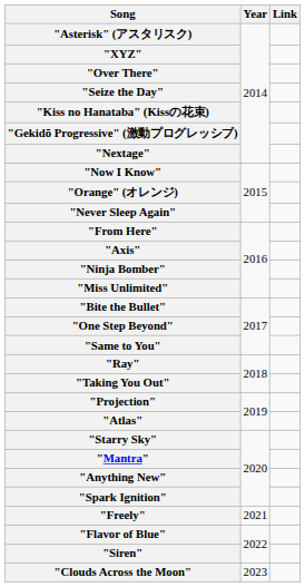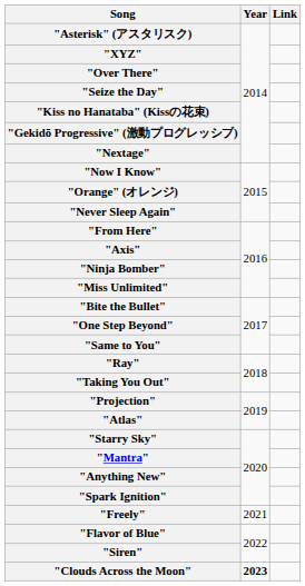 <table class="wikitable plainrowheaders">
 <tr>
 <th scope="col">Song</th>
 <th scope="col">Year</th>
 <th scope="col">Link</th>
 </tr>
 <tr>
 <th scope="row">"Asterisk" (アスタリスク)</th>
 <td rowspan="7">2014</td>
 <td></td>
 </tr>
 <tr>
 <th scope="row">"XYZ"</th>
 <td></td>
 </tr>
 <tr>
 <th scope="row">"Over There"</th>
 <td></td>
 </tr>
 <tr>
 <th scope="row">"Seize the Day"</th>
 <td></td>
 </tr>
 <tr>
 <th scope="row">"Kiss no Hanataba" (Kissの花束)</th>
 <td></td>
 </tr>
 <tr>
 <th scope="row">"Gekidō Progressive" (激動プログレッシブ)</th>
 <td></td>
 </tr>
 <tr>
 <th scope="row">"Nextage"</th>
 <td></td>
 </tr>
 <tr>
 <th scope="row">"Now I Know"</th>
 <td rowspan="3">2015</td>
 <td></td>
 </tr>
 <tr>
 <th scope="row">"Orange" (オレンジ)</th>
 <td></td>
 </tr>
 <tr>
 <th scope="row">"Never Sleep Again"</th>
 <td></td>
 </tr>
 <tr>
 <th scope="row">"From Here"</th>
 <td rowspan="4">2016</td>
 <td></td>
 </tr>
 <tr>
 <th scope="row">"Axis"</th>
 <td></td>
 </tr>
 <tr>
 <th scope="row">"Ninja Bomber"</th>
 <td></td>
 </tr>
 <tr>
 <th scope="row">"Miss Unlimited"</th>
 <td></td>
 </tr>
 <tr>
 <th scope="row">"Bite the Bullet"</th>
 <td rowspan="3">2017</td>
 <td></td>
 </tr>
 <tr>
 <th scope="row">"One Step Beyond"</th>
 <td></td>
 </tr>
 <tr>
 <th scope="row">"Same to You"</th>
 <td></td>
 </tr>
 <tr>
 <th scope="row">"Ray"</th>
 <td rowspan="2">2018</td>
 <td></td>
 </tr>
 <tr>
 <th scope="row">"Taking You Out"</th>
 <td></td>
 </tr>
 <tr>
 <th scope="row">"Projection"</th>
 <td rowspan="2">2019</td>
 <td></td>
 </tr>
 <tr>
 <th scope="row">"Atlas"</th>
 <td></td>
 </tr>
 <tr>
 <th scope="row">"Starry Sky"</th>
 <td rowspan="4">2020</td>
 <td></td>
 </tr>
 <tr>
 <th scope="row">"<a href='#'>Mantra</a>"</th>
 <td></td>
 </tr>
 <tr>
 <th scope="row">"Anything New"</th>
 <td></td>
 </tr>
 <tr>
 <th scope="row">"Spark Ignition"</th>
 <td></td>
 </tr>
 <tr>
 <th scope="row">"Freely"</th>
 <td>2021</td>
 <td></td>
 </tr>
 <tr>
 <th scope="row">"Flavor of Blue"</th>
 <td rowspan="2">2022</td>
 <td></td>
 </tr>
 <tr>
 <th scope="row">"Siren"</th>
 <td></td>
 </tr>
 <tr>
 <th scope="row">"Clouds Across the Moon"</th>
-<td>2023</td>
+<td><strong>2023</strong></td>
 <td></td>
 </tr>
 </table>
